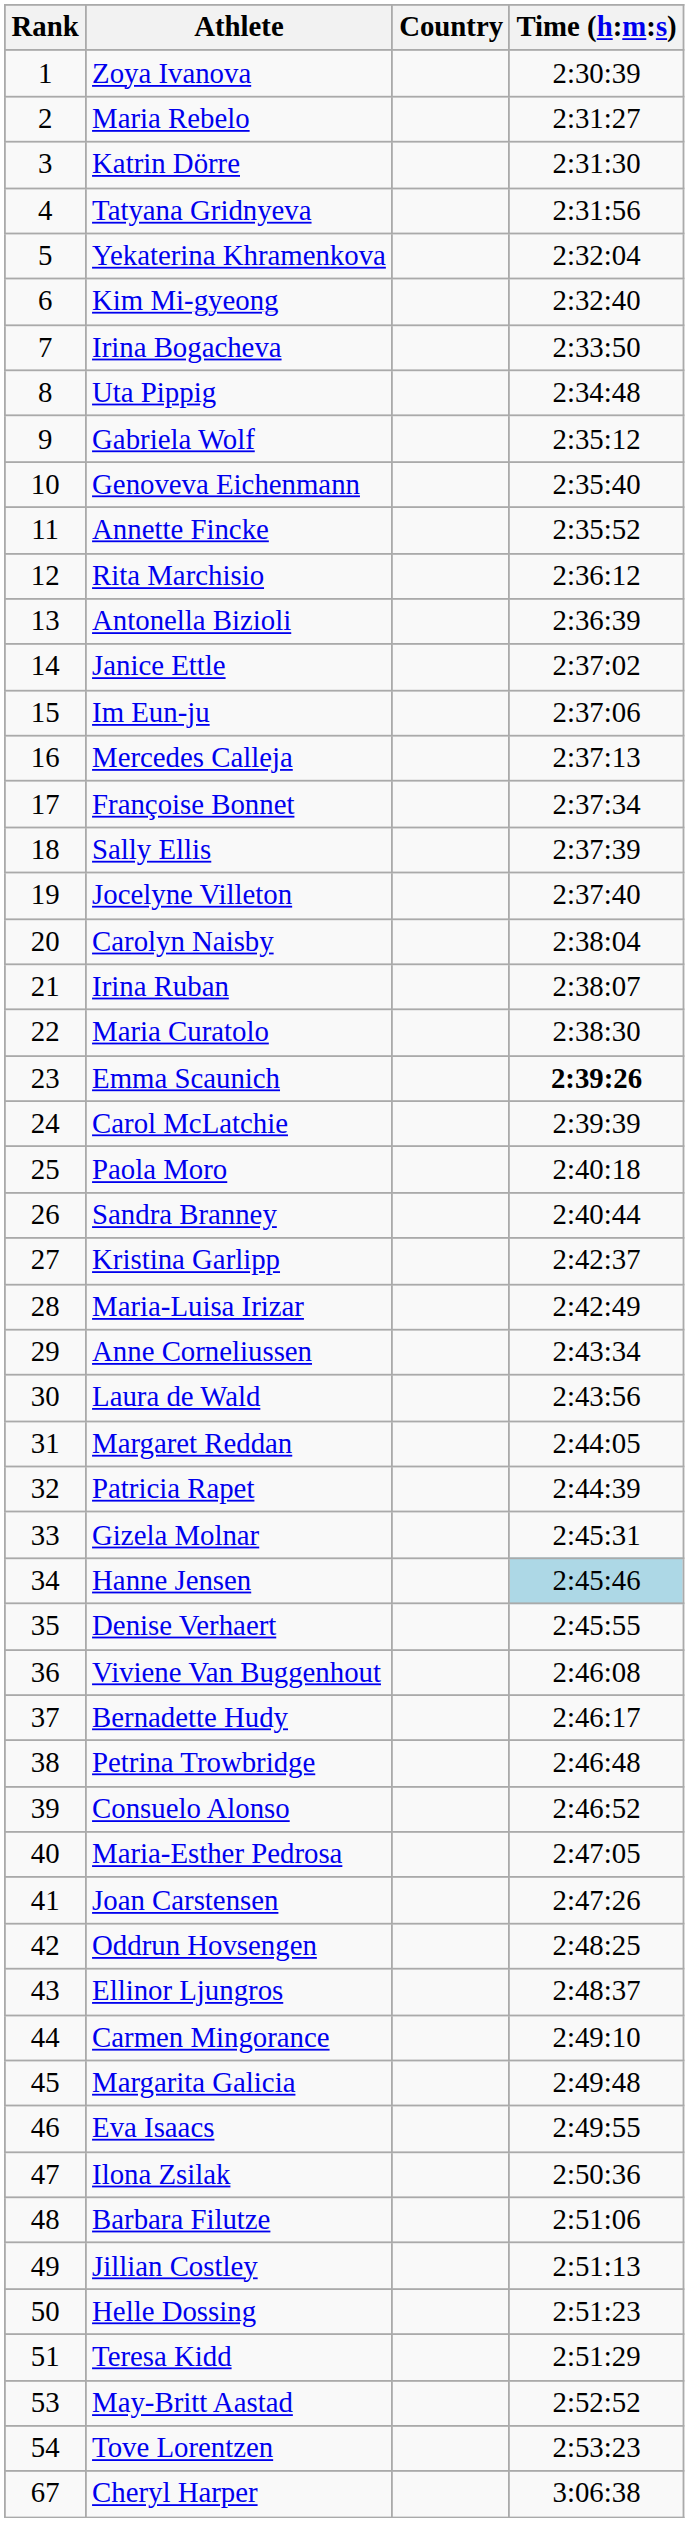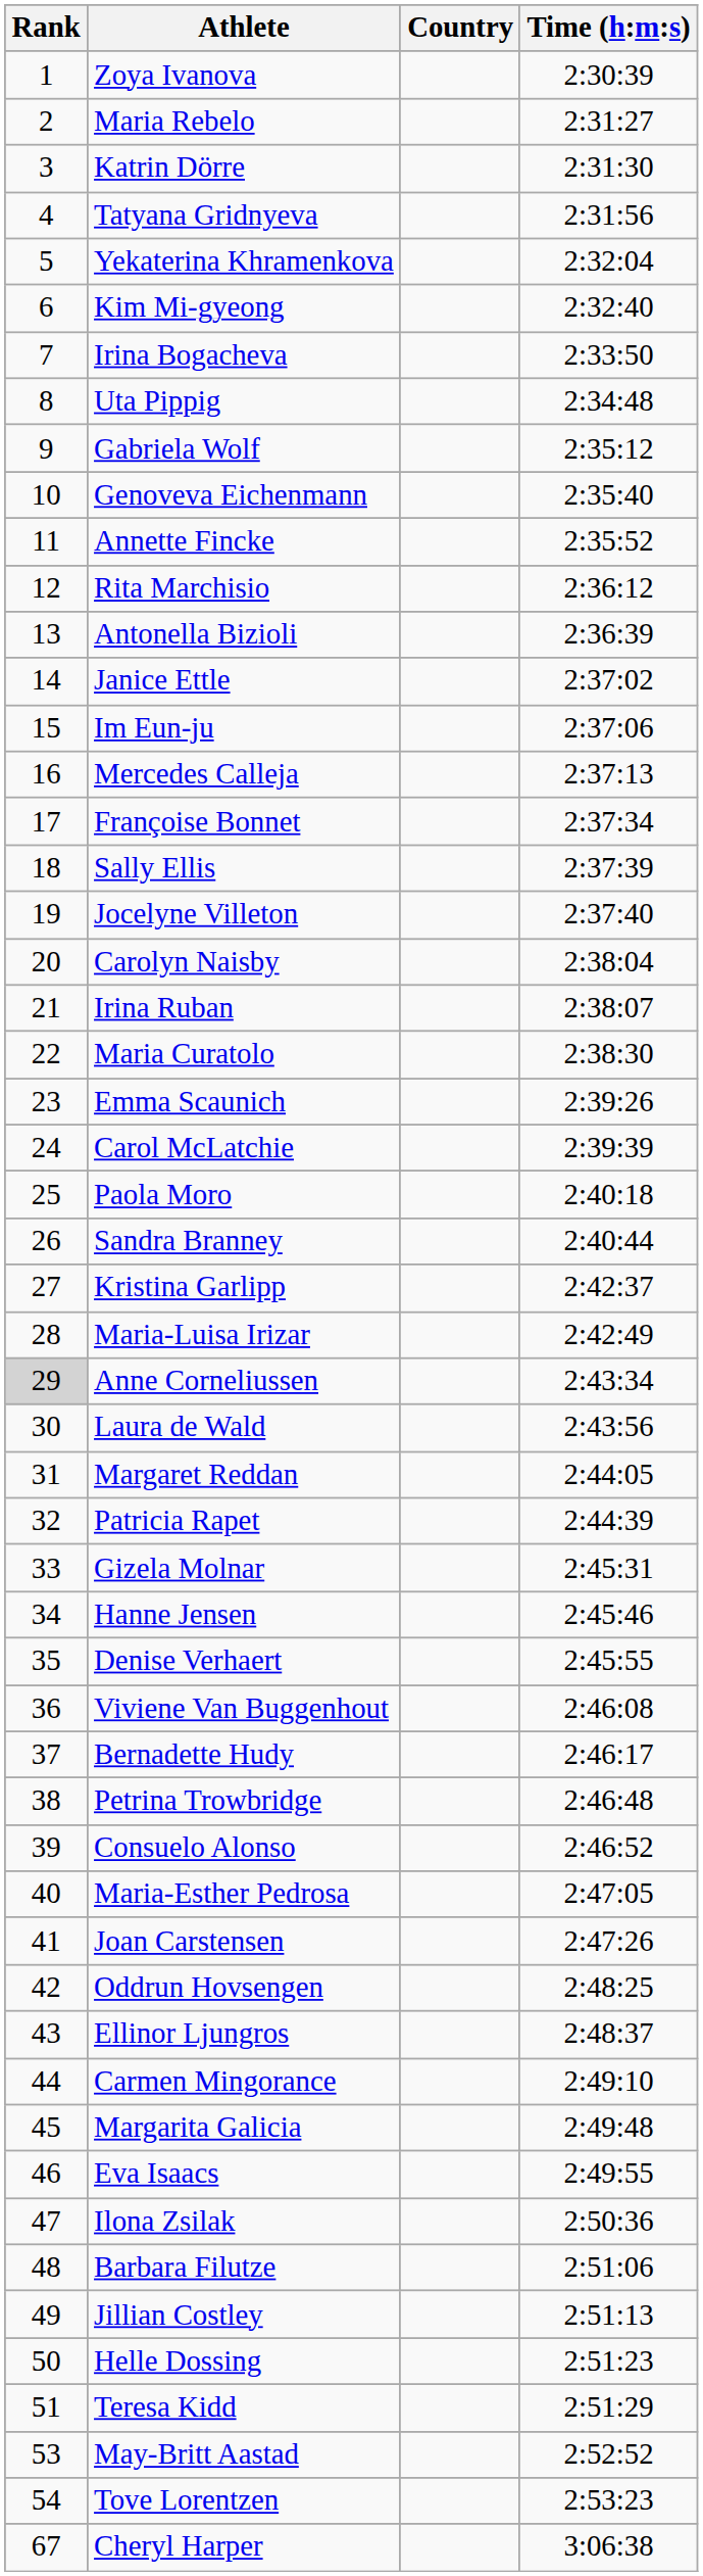 <table class="wikitable sortable" style="text-align:center;">
 <tr>
 <th>Rank</th>
 <th>Athlete</th>
 <th>Country</th>
 <th>Time (<a href='#'>h</a>:<a href='#'>m</a>:<a href='#'>s</a>)</th>
 </tr>
 <tr>
 <td>1</td>
 <td align=left><a href='#'>Zoya Ivanova</a></td>
 <td align=left></td>
 <td>2:30:39</td>
 </tr>
 <tr>
 <td>2</td>
 <td align=left><a href='#'>Maria Rebelo</a></td>
 <td align=left></td>
 <td>2:31:27</td>
 </tr>
 <tr>
 <td>3</td>
 <td align=left><a href='#'>Katrin Dörre</a></td>
 <td align=left></td>
 <td>2:31:30</td>
 </tr>
 <tr>
 <td>4</td>
 <td align=left><a href='#'>Tatyana Gridnyeva</a></td>
 <td align=left></td>
 <td>2:31:56</td>
 </tr>
 <tr>
 <td>5</td>
 <td align=left><a href='#'>Yekaterina Khramenkova</a></td>
 <td align=left></td>
 <td>2:32:04</td>
 </tr>
 <tr>
 <td>6</td>
 <td align=left><a href='#'>Kim Mi-gyeong</a></td>
 <td align=left></td>
 <td>2:32:40</td>
 </tr>
 <tr>
 <td>7</td>
 <td align=left><a href='#'>Irina Bogacheva</a></td>
 <td align=left></td>
 <td>2:33:50</td>
 </tr>
 <tr>
 <td>8</td>
 <td align=left><a href='#'>Uta Pippig</a></td>
 <td align=left></td>
 <td>2:34:48</td>
 </tr>
 <tr>
 <td>9</td>
 <td align=left><a href='#'>Gabriela Wolf</a></td>
 <td align=left></td>
 <td>2:35:12</td>
 </tr>
 <tr>
 <td>10</td>
 <td align=left><a href='#'>Genoveva Eichenmann</a></td>
 <td align=left></td>
 <td>2:35:40</td>
 </tr>
 <tr>
 <td>11</td>
 <td align=left><a href='#'>Annette Fincke</a></td>
 <td align=left></td>
 <td>2:35:52</td>
 </tr>
 <tr>
 <td>12</td>
 <td align=left><a href='#'>Rita Marchisio</a></td>
 <td align=left></td>
 <td>2:36:12</td>
 </tr>
 <tr>
 <td>13</td>
 <td align=left><a href='#'>Antonella Bizioli</a></td>
 <td align=left></td>
 <td>2:36:39</td>
 </tr>
 <tr>
 <td>14</td>
 <td align=left><a href='#'>Janice Ettle</a></td>
 <td align=left></td>
 <td>2:37:02</td>
 </tr>
 <tr>
 <td>15</td>
 <td align=left><a href='#'>Im Eun-ju</a></td>
 <td align=left></td>
 <td>2:37:06</td>
 </tr>
 <tr>
 <td>16</td>
 <td align=left><a href='#'>Mercedes Calleja</a></td>
 <td align=left></td>
 <td>2:37:13</td>
 </tr>
 <tr>
 <td>17</td>
 <td align=left><a href='#'>Françoise Bonnet</a></td>
 <td align=left></td>
 <td>2:37:34</td>
 </tr>
 <tr>
 <td>18</td>
 <td align=left><a href='#'>Sally Ellis</a></td>
 <td align=left></td>
 <td>2:37:39</td>
 </tr>
 <tr>
 <td>19</td>
 <td align=left><a href='#'>Jocelyne Villeton</a></td>
 <td align=left></td>
 <td>2:37:40</td>
 </tr>
 <tr>
 <td>20</td>
 <td align=left><a href='#'>Carolyn Naisby</a></td>
 <td align=left></td>
 <td>2:38:04</td>
 </tr>
 <tr>
 <td>21</td>
 <td align=left><a href='#'>Irina Ruban</a></td>
 <td align=left></td>
 <td>2:38:07</td>
 </tr>
 <tr>
 <td>22</td>
 <td align=left><a href='#'>Maria Curatolo</a></td>
 <td align=left></td>
 <td>2:38:30</td>
 </tr>
 <tr>
 <td>23</td>
 <td align=left><a href='#'>Emma Scaunich</a></td>
 <td align=left></td>
-<td><strong>2:39:26</strong></td>
+<td>2:39:26</td>
 </tr>
 <tr>
 <td>24</td>
 <td align=left><a href='#'>Carol McLatchie</a></td>
 <td align=left></td>
 <td>2:39:39</td>
 </tr>
 <tr>
 <td>25</td>
 <td align=left><a href='#'>Paola Moro</a></td>
 <td align=left></td>
 <td>2:40:18</td>
 </tr>
 <tr>
 <td>26</td>
 <td align=left><a href='#'>Sandra Branney</a></td>
 <td align=left></td>
 <td>2:40:44</td>
 </tr>
 <tr>
 <td>27</td>
 <td align=left><a href='#'>Kristina Garlipp</a></td>
 <td align=left></td>
 <td>2:42:37</td>
 </tr>
 <tr>
 <td>28</td>
 <td align=left><a href='#'>Maria-Luisa Irizar</a></td>
 <td align=left></td>
 <td>2:42:49</td>
 </tr>
 <tr>
-<td>29</td>
+<td style="background: lightgrey;">29</td>
 <td align=left><a href='#'>Anne Corneliussen</a></td>
 <td align=left></td>
 <td>2:43:34</td>
 </tr>
 <tr>
 <td>30</td>
 <td align=left><a href='#'>Laura de Wald</a></td>
 <td align=left></td>
 <td>2:43:56</td>
 </tr>
 <tr>
 <td>31</td>
 <td align=left><a href='#'>Margaret Reddan</a></td>
 <td align=left></td>
 <td>2:44:05</td>
 </tr>
 <tr>
 <td>32</td>
 <td align=left><a href='#'>Patricia Rapet</a></td>
 <td align=left></td>
 <td>2:44:39</td>
 </tr>
 <tr>
 <td>33</td>
 <td align=left><a href='#'>Gizela Molnar</a></td>
 <td align=left></td>
 <td>2:45:31</td>
 </tr>
 <tr>
 <td>34</td>
 <td align=left><a href='#'>Hanne Jensen</a></td>
 <td align=left></td>
-<td style="background: lightblue;">2:45:46</td>
+<td>2:45:46</td>
 </tr>
 <tr>
 <td>35</td>
 <td align=left><a href='#'>Denise Verhaert</a></td>
 <td align=left></td>
 <td>2:45:55</td>
 </tr>
 <tr>
 <td>36</td>
 <td align=left><a href='#'>Viviene Van Buggenhout</a></td>
 <td align=left></td>
 <td>2:46:08</td>
 </tr>
 <tr>
 <td>37</td>
 <td align=left><a href='#'>Bernadette Hudy</a></td>
 <td align=left></td>
 <td>2:46:17</td>
 </tr>
 <tr>
 <td>38</td>
 <td align=left><a href='#'>Petrina Trowbridge</a></td>
 <td align=left></td>
 <td>2:46:48</td>
 </tr>
 <tr>
 <td>39</td>
 <td align=left><a href='#'>Consuelo Alonso</a></td>
 <td align=left></td>
 <td>2:46:52</td>
 </tr>
 <tr>
 <td>40</td>
 <td align=left><a href='#'>Maria-Esther Pedrosa</a></td>
 <td align=left></td>
 <td>2:47:05</td>
 </tr>
 <tr>
 <td>41</td>
 <td align=left><a href='#'>Joan Carstensen</a></td>
 <td align=left></td>
 <td>2:47:26</td>
 </tr>
 <tr>
 <td>42</td>
 <td align=left><a href='#'>Oddrun Hovsengen</a></td>
 <td align=left></td>
 <td>2:48:25</td>
 </tr>
 <tr>
 <td>43</td>
 <td align=left><a href='#'>Ellinor Ljungros</a></td>
 <td align=left></td>
 <td>2:48:37</td>
 </tr>
 <tr>
 <td>44</td>
 <td align=left><a href='#'>Carmen Mingorance</a></td>
 <td align=left></td>
 <td>2:49:10</td>
 </tr>
 <tr>
 <td>45</td>
 <td align=left><a href='#'>Margarita Galicia</a></td>
 <td align=left></td>
 <td>2:49:48</td>
 </tr>
 <tr>
 <td>46</td>
 <td align=left><a href='#'>Eva Isaacs</a></td>
 <td align=left></td>
 <td>2:49:55</td>
 </tr>
 <tr>
 <td>47</td>
 <td align=left><a href='#'>Ilona Zsilak</a></td>
 <td align=left></td>
 <td>2:50:36</td>
 </tr>
 <tr>
 <td>48</td>
 <td align=left><a href='#'>Barbara Filutze</a></td>
 <td align=left></td>
 <td>2:51:06</td>
 </tr>
 <tr>
 <td>49</td>
 <td align=left><a href='#'>Jillian Costley</a></td>
 <td align=left></td>
 <td>2:51:13</td>
 </tr>
 <tr>
 <td>50</td>
 <td align=left><a href='#'>Helle Dossing</a></td>
 <td align=left></td>
 <td>2:51:23</td>
 </tr>
 <tr>
 <td>51</td>
 <td align=left><a href='#'>Teresa Kidd</a></td>
 <td align=left></td>
 <td>2:51:29</td>
 </tr>
 <tr>
 <td>53</td>
 <td align=left><a href='#'>May-Britt Aastad</a></td>
 <td align=left></td>
 <td>2:52:52</td>
 </tr>
 <tr>
 <td>54</td>
 <td align=left><a href='#'>Tove Lorentzen</a></td>
 <td align=left></td>
 <td>2:53:23</td>
 </tr>
 <tr>
 <td>67</td>
 <td align=left><a href='#'>Cheryl Harper</a></td>
 <td align=left></td>
 <td>3:06:38</td>
 </tr>
 <tr>
 </tr>
 </table>
